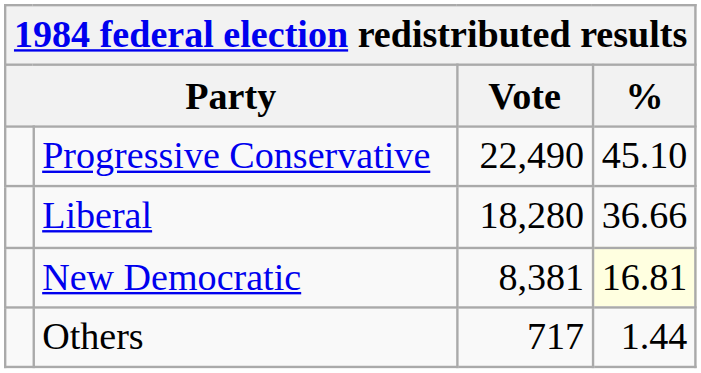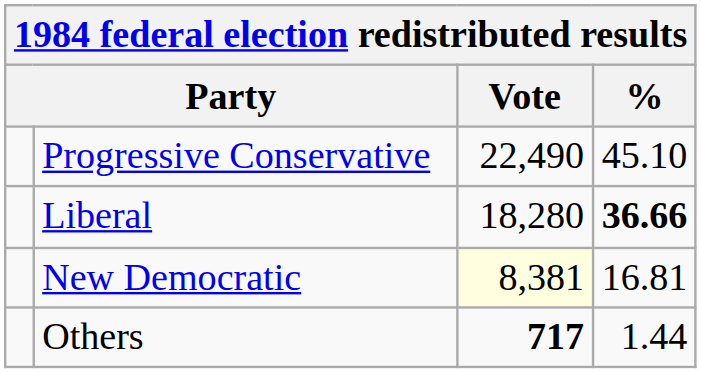 <table class="wikitable">
 <tr>
 <th colspan="4"><a href='#'>1984 federal election</a> redistributed results</th>
 </tr>
 <tr>
 <th bgcolor="#DDDDFF" width="130px" colspan="2">Party</th>
 <th bgcolor="#DDDDFF" width="50px">Vote</th>
 <th bgcolor="#DDDDFF" width="30px">%</th>
 </tr>
 <tr>
 <td> </td>
 <td><a href='#'>Progressive Conservative</a></td>
 <td align=right>22,490</td>
 <td align=right>45.10</td>
 </tr>
 <tr>
 <td> </td>
 <td><a href='#'>Liberal</a></td>
 <td align=right>18,280</td>
-<td align=right>36.66</td>
+<td align=right><strong>36.66</strong></td>
 </tr>
 <tr>
 <td> </td>
 <td><a href='#'>New Democratic</a></td>
-<td align=right>8,381</td>
-<td align=right style="background: lightyellow;">16.81</td>
+<td align=right style="background: lightyellow;">8,381</td>
+<td align=right>16.81</td>
 </tr>
 <tr>
 <td> </td>
 <td>Others</td>
-<td align=right>717</td>
+<td align=right><strong>717</strong></td>
 <td align=right>1.44</td>
 </tr>
 </table>
